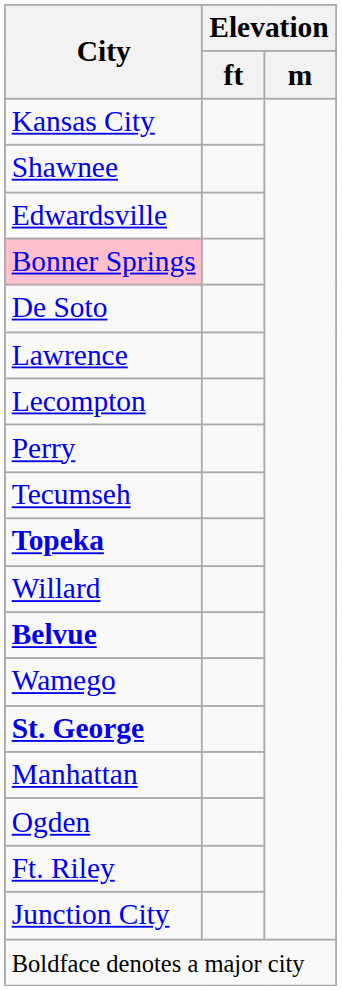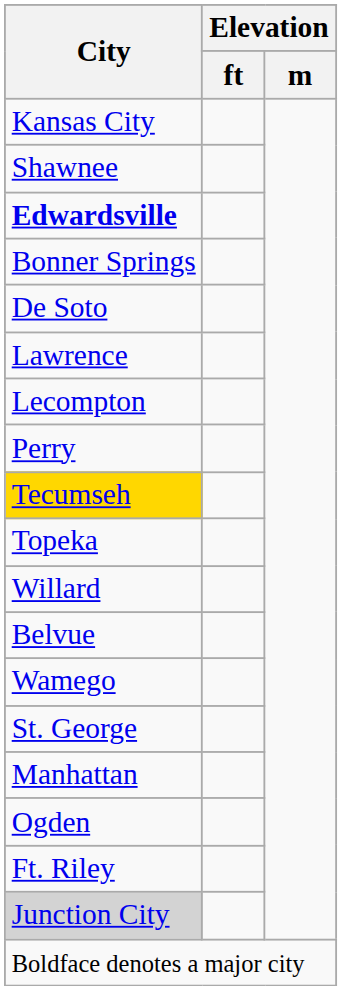 <table class=wikitable>
 <tr>
 <th rowspan=2>City</th>
 <th colspan=2>Elevation</th>
 </tr>
 <tr>
 <th>ft</th>
 <th>m</th>
 </tr>
 <tr>
 <td><a href='#'>Kansas City</a></td>
 <td></td>
 </tr>
 <tr>
 <td><a href='#'>Shawnee</a></td>
 <td></td>
 </tr>
 <tr>
-<td><a href='#'>Edwardsville</a></td>
+<td><strong><a href='#'>Edwardsville</a></strong></td>
 <td></td>
 </tr>
 <tr>
-<td style="background: pink;"><a href='#'>Bonner Springs</a></td>
+<td><a href='#'>Bonner Springs</a></td>
 <td></td>
 </tr>
 <tr>
 <td><a href='#'>De Soto</a></td>
 <td></td>
 </tr>
 <tr>
 <td><a href='#'>Lawrence</a></td>
 <td></td>
 </tr>
 <tr>
 <td><a href='#'>Lecompton</a></td>
 <td></td>
 </tr>
 <tr>
 <td><a href='#'>Perry</a></td>
 <td></td>
 </tr>
 <tr>
-<td><a href='#'>Tecumseh</a></td>
+<td style="background: gold;"><a href='#'>Tecumseh</a></td>
 <td></td>
 </tr>
 <tr>
-<td><strong><a href='#'>Topeka</a></strong></td>
+<td><a href='#'>Topeka</a></td>
 <td></td>
 </tr>
 <tr>
 <td><a href='#'>Willard</a></td>
 <td></td>
 </tr>
 <tr>
-<td><strong><a href='#'>Belvue</a></strong></td>
+<td><a href='#'>Belvue</a></td>
 <td></td>
 </tr>
 <tr>
 <td><a href='#'>Wamego</a></td>
 <td></td>
 </tr>
 <tr>
-<td><strong><a href='#'>St. George</a></strong></td>
+<td><a href='#'>St. George</a></td>
 <td></td>
 </tr>
 <tr>
 <td><a href='#'>Manhattan</a></td>
 <td></td>
 </tr>
 <tr>
 <td><a href='#'>Ogden</a></td>
 <td></td>
 </tr>
 <tr>
 <td><a href='#'>Ft. Riley</a></td>
 <td></td>
 </tr>
 <tr>
-<td><a href='#'>Junction City</a></td>
+<td style="background: lightgrey;"><a href='#'>Junction City</a></td>
 <td></td>
 </tr>
 <tr>
 <td colspan=3><small>Boldface denotes a major city</small></td>
 </tr>
 </table>
